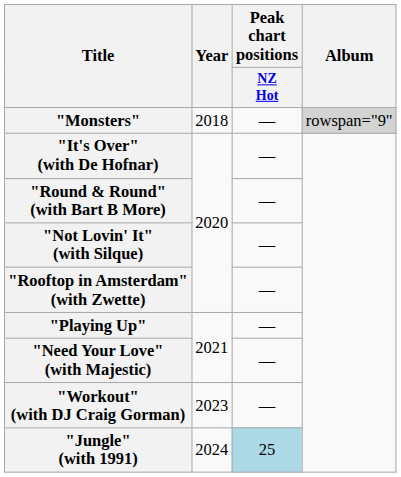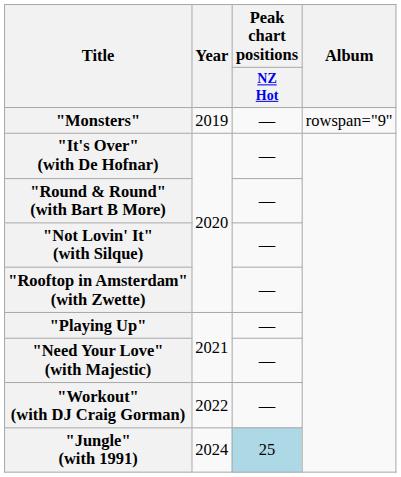 <table class="wikitable plainrowheaders" style="text-align:center;">
 <tr>
 <th scope="col" rowspan="2">Title</th>
 <th scope="col" rowspan="2">Year</th>
 <th scope="col" colspan="1">Peak chart positions</th>
 <th scope="col" rowspan="2">Album</th>
 </tr>
 <tr>
 <th scope="col" style="width:3em;font-size:85%;"><a href='#'>NZ<br>Hot</a><br></th>
 </tr>
 <tr>
 <th scope="row">"Monsters"</th>
-<td>2018</td>
+<td>2019</td>
 <td>—</td>
-<td style="background: lightgrey;">rowspan="9" </td>
+<td>rowspan="9" </td>
 </tr>
 <tr>
 <th scope="row">"It's Over"<br><span>(with De Hofnar)</span></th>
 <td rowspan="4">2020</td>
 <td>—</td>
 </tr>
 <tr>
 <th scope="row">"Round & Round"<br><span>(with Bart B More)</span></th>
 <td>—</td>
 </tr>
 <tr>
 <th scope="row">"Not Lovin' It"<br><span>(with Silque)</span></th>
 <td>—</td>
 </tr>
 <tr>
 <th scope="row">"Rooftop in Amsterdam"<br><span>(with Zwette)</span></th>
 <td>—</td>
 </tr>
 <tr>
 <th scope="row">"Playing Up"</th>
 <td rowspan="2">2021</td>
 <td>—</td>
 </tr>
 <tr>
 <th scope="row">"Need Your Love"<br><span>(with Majestic)</span></th>
 <td>—</td>
 </tr>
 <tr>
 <th scope="row">"Workout"<br><span>(with DJ Craig Gorman)</span></th>
-<td>2023</td>
+<td>2022</td>
 <td>—</td>
 </tr>
 <tr>
 <th scope="row">"Jungle"<br><span>(with 1991)</span></th>
 <td>2024</td>
 <td style="background: lightblue;">25</td>
 </tr>
 </table>
